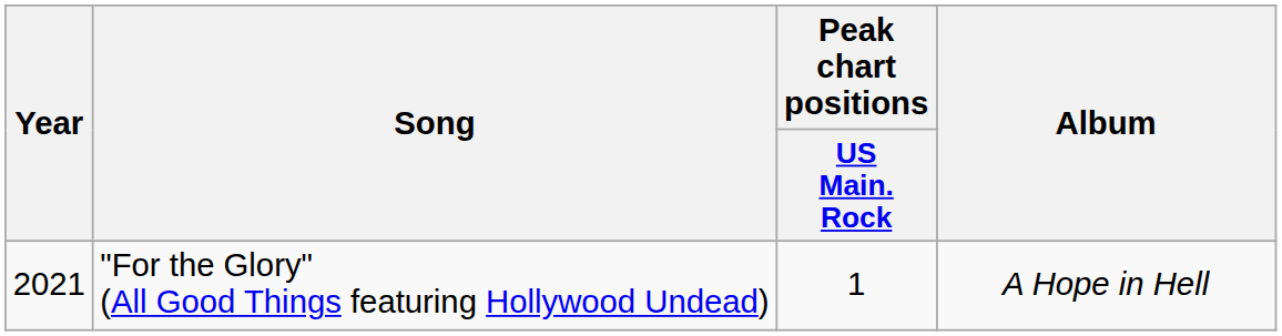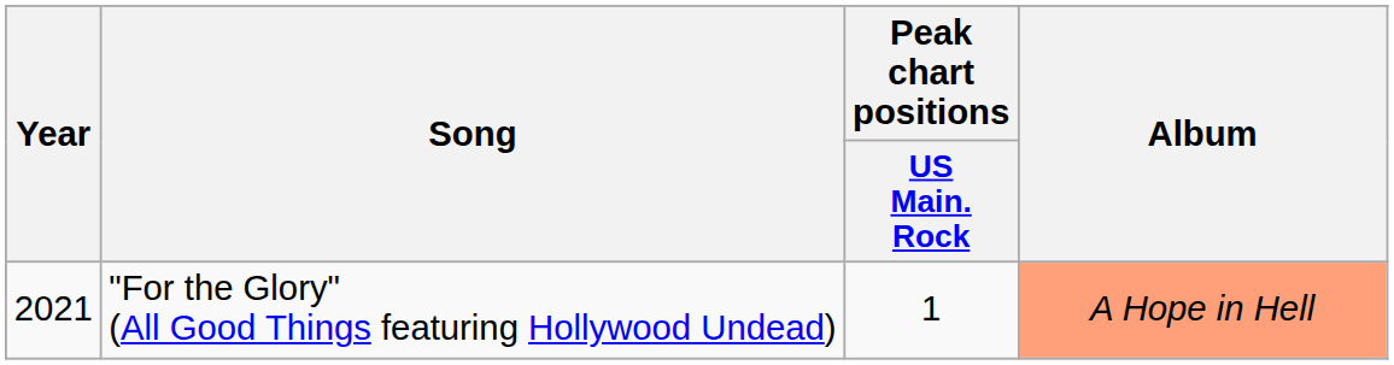 <table class="wikitable plainrowheaders" style="text-align:center;">
 <tr>
 <th scope="col" rowspan="2" style="2em">Year</th>
 <th scope="col" rowspan="2" style="16em">Song</th>
 <th scope="col" colspan="1">Peak chart positions</th>
 <th scope="col" rowspan="2" style="width:10em;">Album</th>
 </tr>
 <tr>
 <th scope="col" style="width:3em;font-size:90%;"><a href='#'>US<br>Main. Rock</a><br></th>
 </tr>
 <tr>
 <td>2021</td>
 <td scope="row" style="text-align:left;">"For the Glory"<br><span>(<a href='#'>All Good Things</a> featuring <a href='#'>Hollywood Undead</a>)</span></td>
 <td>1</td>
-<td><em>A Hope in Hell</em></td>
+<td style="background: lightsalmon;"><em>A Hope in Hell</em></td>
 </tr>
 </table>
